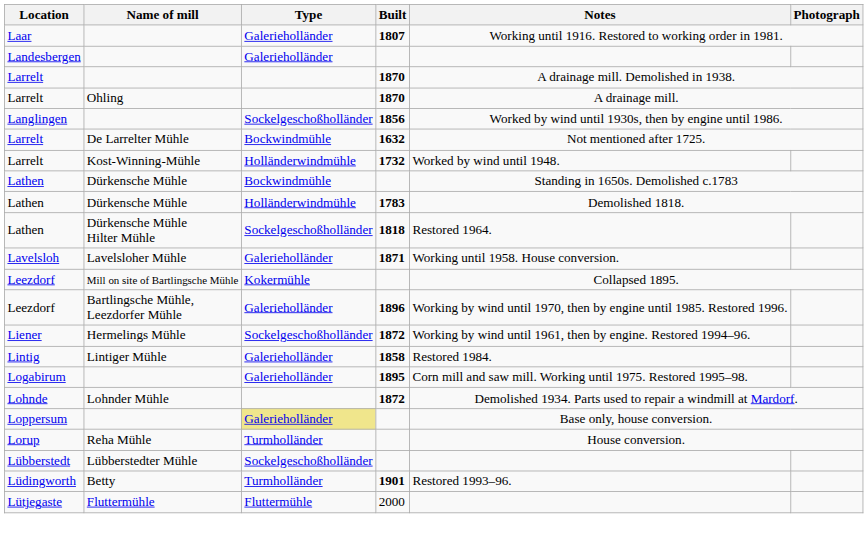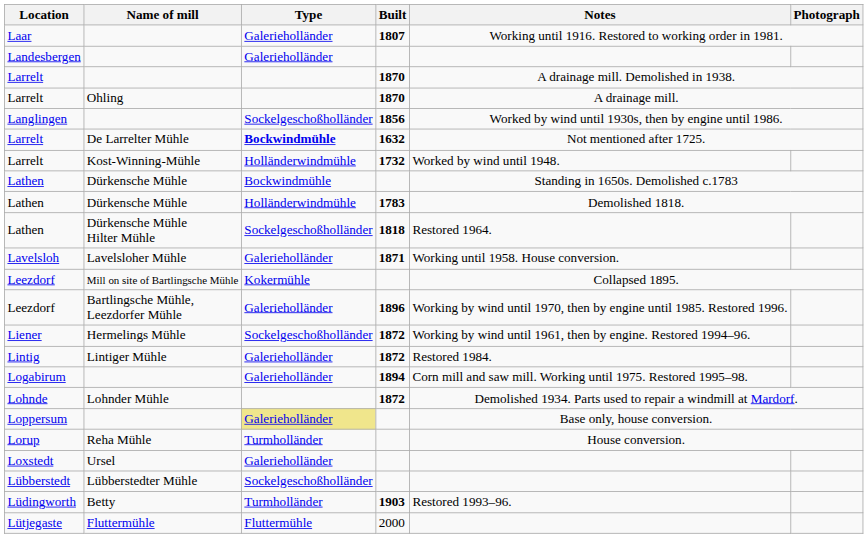 <table class="wikitable sortable">
 <tr>
 <th>Location</th>
 <th>Name of mill</th>
 <th>Type</th>
 <th>Built</th>
 <th class="unsortable">Notes</th>
 <th class="unsortable">Photograph</th>
 </tr>
 <tr>
 <td><a href='#'>Laar</a></td>
 <td></td>
 <td><a href='#'>Galerieholländer</a></td>
 <td><strong>1807</strong></td>
 <td colspan="2" style="text-align:center;">Working until 1916. Restored to working order in 1981.</td>
 </tr>
 <tr>
 <td><a href='#'>Landesbergen</a></td>
 <td></td>
 <td><a href='#'>Galerieholländer</a></td>
 <td></td>
 <td></td>
 <td></td>
 </tr>
 <tr>
 <td><a href='#'>Larrelt</a></td>
 <td></td>
 <td></td>
 <td><strong>1870</strong></td>
 <td colspan="2" style="text-align:center;">A drainage mill. Demolished in 1938.</td>
 </tr>
 <tr>
 <td>Larrelt</td>
 <td>Ohling</td>
 <td></td>
 <td><strong>1870</strong></td>
 <td colspan="2" style="text-align:center;">A drainage mill.</td>
 </tr>
 <tr>
 <td><a href='#'>Langlingen</a></td>
 <td></td>
 <td><a href='#'>Sockelgeschoß­holländer</a></td>
 <td><strong>1856</strong></td>
 <td colspan="2" style="text-align:center;">Worked by wind until 1930s, then by engine until 1986.</td>
 </tr>
 <tr>
 <td><a href='#'>Larrelt</a></td>
 <td>De Larrelter Mühle</td>
-<td><a href='#'>Bockwindmühle</a></td>
+<td><strong><a href='#'>Bockwindmühle</a></strong></td>
 <td><strong>1632</strong></td>
 <td colspan="2" style="text-align:center;">Not mentioned after 1725.</td>
 </tr>
 <tr>
 <td>Larrelt</td>
 <td>Kost-Winning-Mühle</td>
 <td><a href='#'>Holländerwindmühle</a></td>
 <td><strong>1732</strong></td>
 <td>Worked by wind until 1948.</td>
 <td></td>
 </tr>
 <tr>
 <td><a href='#'>Lathen</a></td>
 <td>Dürkensche Mühle</td>
 <td><a href='#'>Bockwindmühle</a></td>
 <td></td>
 <td colspan="2" style="text-align:center;">Standing in 1650s. Demolished c.1783</td>
 </tr>
 <tr>
 <td>Lathen</td>
 <td>Dürkensche Mühle</td>
 <td><a href='#'>Holländerwindmühle</a></td>
 <td><strong>1783</strong></td>
 <td colspan="2" style="text-align:center;">Demolished 1818.</td>
 </tr>
 <tr>
 <td>Lathen</td>
 <td>Dürkensche Mühle<br>Hilter Mühle</td>
 <td><a href='#'>Sockelgeschoß­holländer</a></td>
 <td><strong>1818</strong></td>
 <td>Restored 1964.</td>
 <td></td>
 </tr>
 <tr>
 <td><a href='#'>Lavelsloh</a></td>
 <td>Lavelsloher Mühle</td>
 <td><a href='#'>Galerieholländer</a></td>
 <td><strong>1871</strong></td>
 <td>Working until 1958. House conversion.</td>
 <td></td>
 </tr>
 <tr>
 <td><a href='#'>Leezdorf</a></td>
 <td><small>Mill on site of Bartlingsche Mühle</small></td>
 <td><a href='#'>Kokermühle</a></td>
 <td></td>
 <td colspan="2" style="text-align:center;">Collapsed 1895.</td>
 </tr>
 <tr>
 <td>Leezdorf</td>
 <td>Bartlingsche Mühle,<br>Leezdorfer Mühle</td>
 <td><a href='#'>Galerieholländer</a></td>
 <td><strong>1896</strong></td>
 <td>Working by wind until 1970, then by engine until 1985. Restored 1996.</td>
 <td></td>
 </tr>
 <tr>
 <td><a href='#'>Liener</a></td>
 <td>Hermelings Mühle</td>
 <td><a href='#'>Sockelgeschoß­holländer</a></td>
 <td><strong>1872</strong></td>
 <td>Working by wind until 1961, then by engine. Restored 1994–96.</td>
 <td></td>
 </tr>
 <tr>
 <td><a href='#'>Lintig</a></td>
 <td>Lintiger Mühle</td>
 <td><a href='#'>Galerieholländer</a></td>
-<td><strong>1858</strong></td>
+<td><strong>1872</strong></td>
 <td>Restored 1984.</td>
 <td></td>
 </tr>
 <tr>
 <td><a href='#'>Logabirum</a></td>
 <td></td>
 <td><a href='#'>Galerieholländer</a></td>
-<td><strong>1895</strong></td>
+<td><strong>1894</strong></td>
 <td>Corn mill and saw mill. Working until 1975. Restored 1995–98.</td>
 <td></td>
 </tr>
 <tr>
 <td><a href='#'>Lohnde</a></td>
 <td>Lohnder Mühle</td>
 <td></td>
 <td><strong>1872</strong></td>
 <td colspan="2" style="text-align:center;">Demolished 1934. Parts used to repair a windmill at <a href='#'>Mardorf</a>.</td>
 </tr>
 <tr>
 <td><a href='#'>Loppersum</a></td>
 <td></td>
 <td style="background: khaki;"><a href='#'>Galerieholländer</a></td>
 <td></td>
 <td colspan="2" style="text-align:center;">Base only, house conversion.</td>
 </tr>
 <tr>
 <td><a href='#'>Lorup</a></td>
 <td>Reha Mühle</td>
 <td><a href='#'>Turmholländer</a></td>
 <td></td>
 <td colspan="2" style="text-align:center;">House conversion.</td>
 </tr>
 <tr>
+<td><a href='#'>Loxstedt</a></td>
+<td>Ursel</td>
+<td><a href='#'>Galerieholländer</a></td>
+<td></td>
+<td></td>
+<td></td>
+</tr>
+<tr>
 <td><a href='#'>Lübberstedt</a></td>
 <td>Lübberstedter Mühle</td>
 <td><a href='#'>Sockelgeschoß­holländer</a></td>
 <td></td>
 <td></td>
 <td></td>
 </tr>
 <tr>
 <td><a href='#'>Lüdingworth</a></td>
 <td>Betty</td>
 <td><a href='#'>Turmholländer</a></td>
-<td><strong>1901</strong></td>
+<td><strong>1903</strong></td>
 <td>Restored 1993–96.</td>
 <td></td>
 </tr>
 <tr>
 <td><a href='#'>Lütjegaste</a></td>
 <td><a href='#'>Fluttermühle</a></td>
 <td><a href='#'>Fluttermühle</a></td>
 <td>2000</td>
 <td></td>
 <td></td>
 </tr>
 </table>
